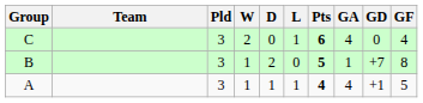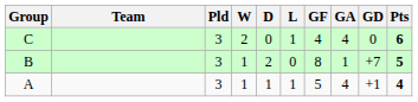 <table class="wikitable" style="text-align:center;">
 <tr>
 <th width=20>Group</th>
 <th width=165>Team</th>
 <th width=20>Pld</th>
 <th width=20>W</th>
 <th width=20>D</th>
 <th width=20>L</th>
-<th width=20>Pts</th>
+<th width=20>GF</th>
 <th width=20>GA</th>
 <th width=20>GD</th>
-<th width=20>GF</th>
+<th width=20>Pts</th>
 </tr>
 <tr align=center style="background:#ccffcc;">
 <td>C</td>
 <td style="text-align:left;"></td>
 <td>3</td>
 <td>2</td>
 <td>0</td>
 <td>1</td>
-<td><strong>6</strong></td>
+<td>4</td>
 <td>4</td>
 <td>0</td>
-<td>4</td>
+<td><strong>6</strong></td>
 </tr>
 <tr align=center style="background:#ccffcc;">
 <td>B</td>
 <td style="text-align:left;"></td>
 <td>3</td>
 <td>1</td>
 <td>2</td>
 <td>0</td>
-<td><strong>5</strong></td>
+<td>8</td>
 <td>1</td>
 <td>+7</td>
-<td>8</td>
+<td><strong>5</strong></td>
 </tr>
 <tr align=center style="background:">
 <td>A</td>
 <td style="text-align:left;"></td>
 <td>3</td>
 <td>1</td>
 <td>1</td>
 <td>1</td>
-<td><strong>4</strong></td>
+<td>5</td>
 <td>4</td>
 <td>+1</td>
-<td>5</td>
+<td><strong>4</strong></td>
 </tr>
 </table>
